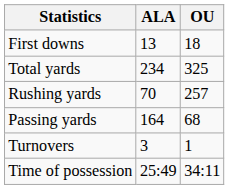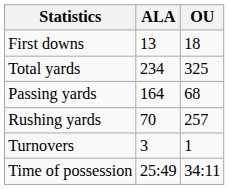 <table class="wikitable" style="float: left;">
 <tr>
 <th>Statistics</th>
 <th>ALA</th>
 <th>OU</th>
 </tr>
 <tr>
 <td>First downs</td>
 <td>13</td>
 <td>18</td>
 </tr>
 <tr>
 <td>Total yards</td>
 <td>234</td>
 <td>325</td>
 </tr>
 <tr>
+<td>Passing yards</td>
+<td>164</td>
+<td>68</td>
+</tr>
+<tr>
 <td>Rushing yards</td>
 <td>70</td>
 <td>257</td>
-</tr>
-<tr>
-<td>Passing yards</td>
-<td>164</td>
-<td>68</td>
 </tr>
 <tr>
 <td>Turnovers</td>
 <td>3</td>
 <td>1</td>
 </tr>
 <tr>
 <td>Time of possession</td>
 <td>25:49</td>
 <td>34:11</td>
 </tr>
 </table>
